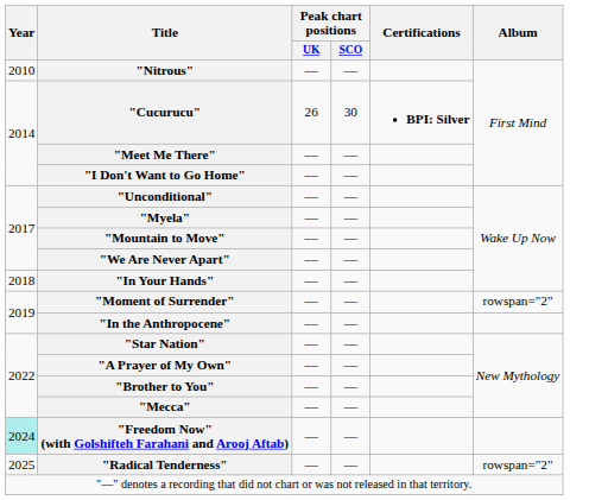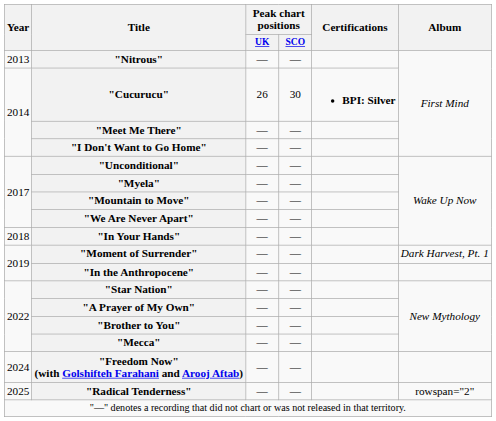 <table class="wikitable plainrowheaders" style="text-align:center;">
 <tr>
 <th scope="col" rowspan="2">Year</th>
 <th scope="col" rowspan="2">Title</th>
 <th scope="col" colspan="2">Peak chart positions</th>
 <th scope="col" rowspan="2">Certifications</th>
 <th scope="col" rowspan="2">Album</th>
 </tr>
 <tr>
 <th scope="col" style="width:3em;font-size:85%;"><a href='#'>UK</a></th>
 <th scope="col" style="width:3em;font-size:85%;"><a href='#'>SCO</a><br></th>
 </tr>
 <tr>
-<td>2010</td>
+<td>2013</td>
 <th scope="row">"Nitrous"</th>
 <td>—</td>
 <td>—</td>
 <td></td>
 <td rowspan="4"><em>First Mind</em></td>
 </tr>
 <tr>
 <td rowspan="3">2014</td>
 <th scope="row">"Cucurucu"</th>
 <td>26</td>
 <td>30</td>
 <td><strong><br><ul><li>BPI: Silver</li></ul></strong></td>
 </tr>
 <tr>
 <th scope="row">"Meet Me There"</th>
 <td>—</td>
 <td>—</td>
 <td></td>
 </tr>
 <tr>
 <th scope="row">"I Don't Want to Go Home"</th>
 <td>—</td>
 <td>—</td>
 <td></td>
 </tr>
 <tr>
 <td rowspan="4">2017</td>
 <th scope="row">"Unconditional"</th>
 <td>—</td>
 <td>—</td>
 <td></td>
 <td rowspan="5"><em>Wake Up Now</em></td>
 </tr>
 <tr>
 <th scope="row">"Myela"</th>
 <td>—</td>
 <td>—</td>
 <td></td>
 </tr>
 <tr>
 <th scope="row">"Mountain to Move"</th>
 <td>—</td>
 <td>—</td>
 <td></td>
 </tr>
 <tr>
 <th scope="row">"We Are Never Apart"</th>
 <td>—</td>
 <td>—</td>
 <td></td>
 </tr>
 <tr>
 <td rowspan="1">2018</td>
 <th scope="row">"In Your Hands"</th>
 <td>—</td>
 <td>—</td>
 <td></td>
 </tr>
 <tr>
 <td rowspan="2">2019</td>
 <th scope="row">"Moment of Surrender"</th>
 <td>—</td>
 <td>—</td>
 <td></td>
-<td>rowspan="2" </td>
+<td rowspan="1"><em>Dark Harvest, Pt. 1</em></td>
 </tr>
 <tr>
 <th scope="row">"In the Anthropocene"</th>
 <td>—</td>
 <td>—</td>
 <td></td>
 </tr>
 <tr>
 <td rowspan="4">2022</td>
 <th scope="row">"Star Nation"</th>
 <td>—</td>
 <td>—</td>
 <td></td>
 <td rowspan="4"><em>New Mythology</em></td>
 </tr>
 <tr>
 <th scope="row">"A Prayer of My Own"</th>
 <td>—</td>
 <td>—</td>
 <td></td>
 </tr>
 <tr>
 <th scope="row">"Brother to You"</th>
 <td>—</td>
 <td>—</td>
 <td></td>
 </tr>
 <tr>
 <th scope="row">"Mecca"</th>
 <td>—</td>
 <td>—</td>
 <td></td>
 </tr>
 <tr>
-<td style="background: paleturquoise;">2024</td>
+<td>2024</td>
 <th scope="row">"Freedom Now"<br><span>(with <a href='#'>Golshifteh Farahani</a> and <a href='#'>Arooj Aftab</a>)</span></th>
 <td>—</td>
 <td>—</td>
 <td></td>
 <td></td>
 </tr>
 <tr>
 <td rowspan="1">2025</td>
 <th scope="row">"Radical Tenderness"</th>
 <td>—</td>
 <td>—</td>
 <td></td>
 <td>rowspan="2" </td>
 </tr>
 <tr>
 <td colspan="15" style="font-size:90%">"—" denotes a recording that did not chart or was not released in that territory.</td>
 </tr>
 </table>
